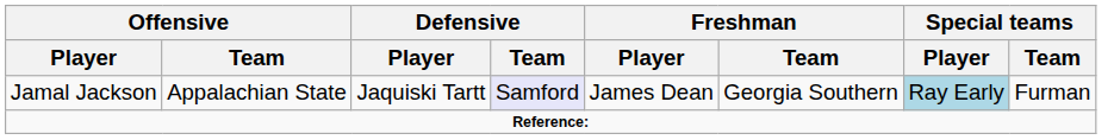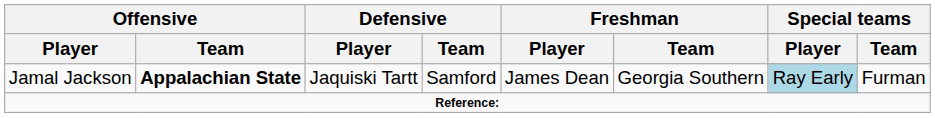 <table class="wikitable" border="1">
 <tr>
 <th colspan="2">Offensive</th>
 <th colspan="2">Defensive</th>
 <th colspan="2">Freshman</th>
 <th colspan="2">Special teams</th>
 </tr>
 <tr>
 <th>Player</th>
 <th>Team</th>
 <th>Player</th>
 <th>Team</th>
 <th>Player</th>
 <th>Team</th>
 <th>Player</th>
 <th>Team</th>
 </tr>
 <tr>
 <td>Jamal Jackson</td>
-<td>Appalachian State</td>
+<td><strong>Appalachian State</strong></td>
 <td>Jaquiski Tartt</td>
-<td style="background: lavender;">Samford</td>
+<td>Samford</td>
 <td>James Dean</td>
 <td>Georgia Southern</td>
 <td style="background: lightblue;">Ray Early</td>
 <td>Furman</td>
 </tr>
 <tr>
 <td colspan="8" style="font-size: 8pt" align="center"><strong>Reference:</strong></td>
 </tr>
 </table>
